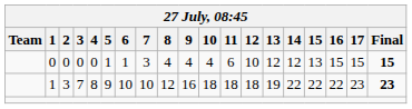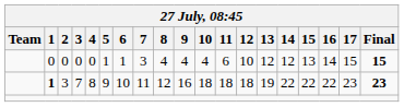 <table class=wikitable style="text-align:center; width: 55%">
 <tr>
 <th colspan=20><em>27 July, 08:45</em></th>
 </tr>
 <tr>
 <th>Team</th>
 <th>1</th>
 <th>2</th>
 <th>3</th>
 <th>4</th>
 <th>5</th>
 <th>6</th>
 <th>7</th>
 <th>8</th>
 <th>9</th>
 <th>10</th>
 <th>11</th>
 <th>12</th>
 <th>13</th>
 <th>14</th>
 <th>15</th>
 <th>16</th>
 <th>17</th>
 <th>Final</th>
 </tr>
 <tr>
 <td align=left></td>
 <td>0</td>
 <td>0</td>
 <td>0</td>
 <td>0</td>
 <td>1</td>
 <td>1</td>
 <td>3</td>
 <td>4</td>
 <td>4</td>
 <td>4</td>
 <td>6</td>
 <td>10</td>
 <td>12</td>
 <td>12</td>
 <td>13</td>
-<td>15</td>
+<td>14</td>
 <td>15</td>
 <td><strong>15</strong></td>
 </tr>
 <tr>
 <td align=left><strong></strong></td>
-<td>1</td>
+<td><strong>1</strong></td>
 <td>3</td>
 <td>7</td>
 <td>8</td>
 <td>9</td>
 <td>10</td>
-<td>10</td>
+<td>11</td>
 <td>12</td>
 <td>16</td>
 <td>18</td>
 <td>18</td>
 <td>18</td>
 <td>19</td>
 <td>22</td>
 <td>22</td>
 <td>22</td>
 <td>23</td>
 <td><strong>23</strong></td>
 </tr>
 <tr>
 <td colspan=20></td>
 </tr>
 </table>
